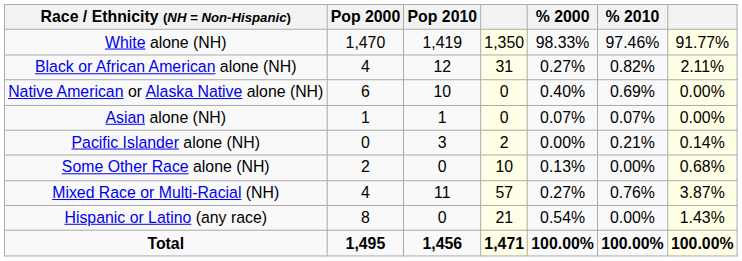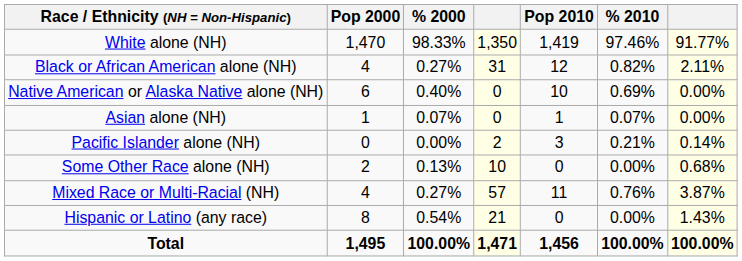 <table class="wikitable" style="text-align:center;">
 <tr>
 <th>Race / Ethnicity <small>(<em>NH = Non-Hispanic</em>)</small></th>
 <th>Pop 2000</th>
+<th>% 2000</th>
+<th></th>
 <th>Pop 2010</th>
-<th></th>
-<th>% 2000</th>
 <th>% 2010</th>
 <th></th>
 </tr>
 <tr>
 <td><a href='#'>White</a> alone (NH)</td>
 <td>1,470</td>
+<td>98.33%</td>
+<td style='background: #ffffe6;'>1,350</td>
 <td>1,419</td>
-<td style='background: #ffffe6;'>1,350</td>
-<td>98.33%</td>
 <td>97.46%</td>
 <td style='background: #ffffe6;'>91.77%</td>
 </tr>
 <tr>
 <td><a href='#'>Black or African American</a> alone (NH)</td>
 <td>4</td>
+<td>0.27%</td>
+<td style='background: #ffffe6;'>31</td>
 <td>12</td>
-<td style='background: #ffffe6;'>31</td>
-<td>0.27%</td>
 <td>0.82%</td>
 <td style='background: #ffffe6;'>2.11%</td>
 </tr>
 <tr>
 <td><a href='#'>Native American</a> or <a href='#'>Alaska Native</a> alone (NH)</td>
 <td>6</td>
+<td>0.40%</td>
+<td style='background: #ffffe6;'>0</td>
 <td>10</td>
-<td style='background: #ffffe6;'>0</td>
-<td>0.40%</td>
 <td>0.69%</td>
 <td style='background: #ffffe6;'>0.00%</td>
 </tr>
 <tr>
 <td><a href='#'>Asian</a> alone (NH)</td>
 <td>1</td>
+<td>0.07%</td>
+<td style='background: #ffffe6;'>0</td>
 <td>1</td>
-<td style='background: #ffffe6;'>0</td>
-<td>0.07%</td>
 <td>0.07%</td>
 <td style='background: #ffffe6;'>0.00%</td>
 </tr>
 <tr>
 <td><a href='#'>Pacific Islander</a> alone (NH)</td>
 <td>0</td>
+<td>0.00%</td>
+<td style='background: #ffffe6;'>2</td>
 <td>3</td>
-<td style='background: #ffffe6;'>2</td>
-<td>0.00%</td>
 <td>0.21%</td>
 <td style='background: #ffffe6;'>0.14%</td>
 </tr>
 <tr>
 <td><a href='#'>Some Other Race</a> alone (NH)</td>
 <td>2</td>
+<td>0.13%</td>
+<td style='background: #ffffe6;'>10</td>
 <td>0</td>
-<td style='background: #ffffe6;'>10</td>
-<td>0.13%</td>
 <td>0.00%</td>
 <td style='background: #ffffe6;'>0.68%</td>
 </tr>
 <tr>
 <td><a href='#'>Mixed Race or Multi-Racial</a> (NH)</td>
 <td>4</td>
+<td>0.27%</td>
+<td style='background: #ffffe6;'>57</td>
 <td>11</td>
-<td style='background: #ffffe6;'>57</td>
-<td>0.27%</td>
 <td>0.76%</td>
 <td style='background: #ffffe6;'>3.87%</td>
 </tr>
 <tr>
 <td><a href='#'>Hispanic or Latino</a> (any race)</td>
 <td>8</td>
+<td>0.54%</td>
+<td style='background: #ffffe6;'>21</td>
 <td>0</td>
-<td style='background: #ffffe6;'>21</td>
-<td>0.54%</td>
 <td>0.00%</td>
 <td style='background: #ffffe6;'>1.43%</td>
 </tr>
 <tr>
 <td><strong>Total</strong></td>
 <td><strong>1,495</strong></td>
+<td><strong>100.00%</strong></td>
+<td style='background: #ffffe6;'><strong>1,471</strong></td>
 <td><strong>1,456</strong></td>
-<td style='background: #ffffe6;'><strong>1,471</strong></td>
-<td><strong>100.00%</strong></td>
 <td><strong>100.00%</strong></td>
 <td style='background: #ffffe6;'><strong>100.00%</strong></td>
 </tr>
 </table>
